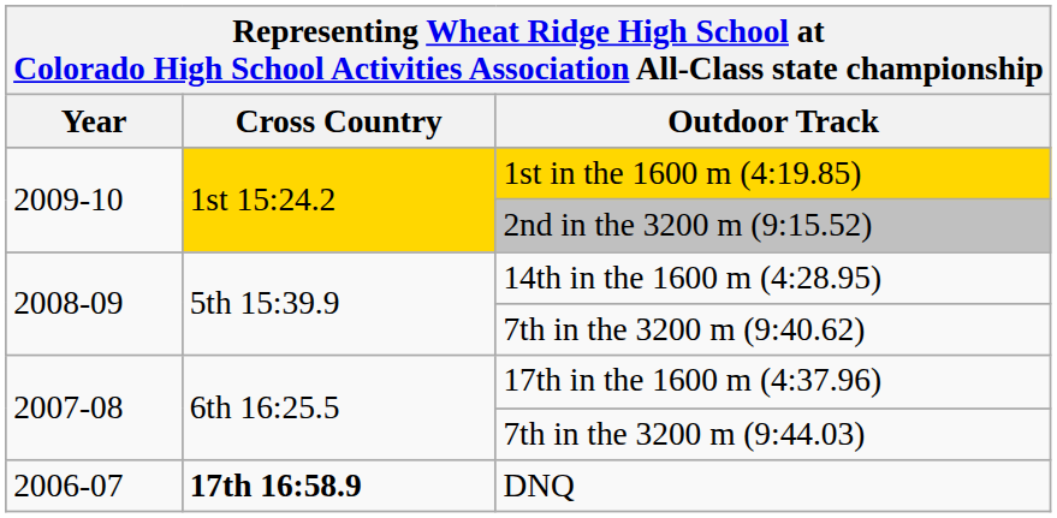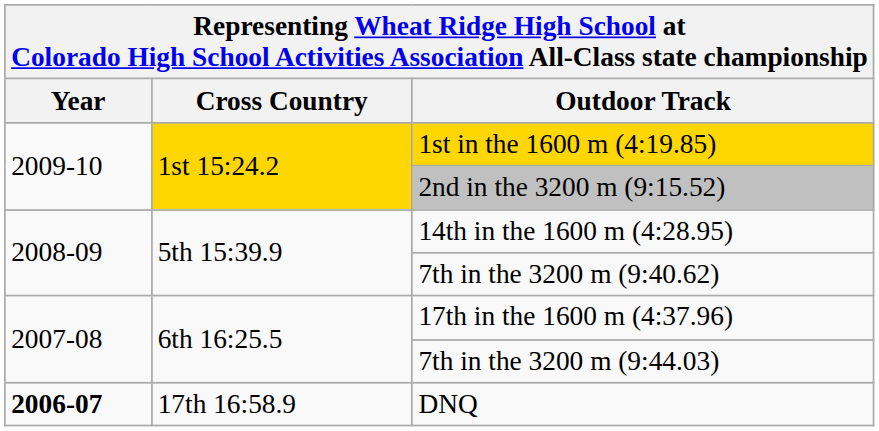 <table class="wikitable sortable">
 <tr>
 <th colspan="7">Representing <a href='#'>Wheat Ridge High School</a> at<br><a href='#'>Colorado High School Activities Association</a> All-Class state championship</th>
 </tr>
 <tr>
 <th>Year</th>
 <th>Cross Country</th>
 <th>Outdoor Track</th>
 </tr>
 <tr>
 <td Rowspan=2>2009-10</td>
 <td Rowspan=2 bgcolor=gold>1st 15:24.2</td>
 <td bgcolor=gold>1st in the 1600 m (4:19.85)</td>
 </tr>
 <tr>
 <td bgcolor=silver>2nd in the 3200 m (9:15.52)</td>
 </tr>
 <tr>
 <td Rowspan=2>2008-09</td>
 <td Rowspan=2>5th 15:39.9</td>
 <td>14th in the 1600 m (4:28.95)</td>
 </tr>
 <tr>
 <td>7th in the 3200 m (9:40.62)</td>
 </tr>
 <tr>
 <td Rowspan=2>2007-08</td>
 <td Rowspan=2>6th 16:25.5</td>
 <td>17th in the 1600 m (4:37.96)</td>
 </tr>
 <tr>
 <td>7th in the 3200 m (9:44.03)</td>
 </tr>
 <tr>
-<td Rowspan=1>2006-07</td>
-<td Rowspan=1><strong>17th 16:58.9</strong></td>
+<td Rowspan=1><strong>2006-07</strong></td>
+<td Rowspan=1>17th 16:58.9</td>
 <td>DNQ</td>
 </tr>
 </table>
